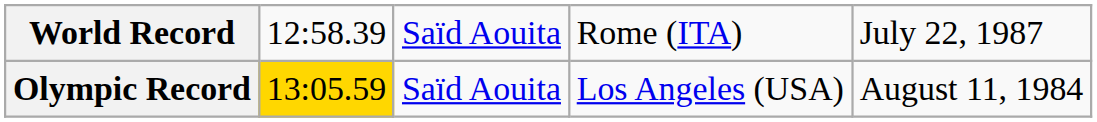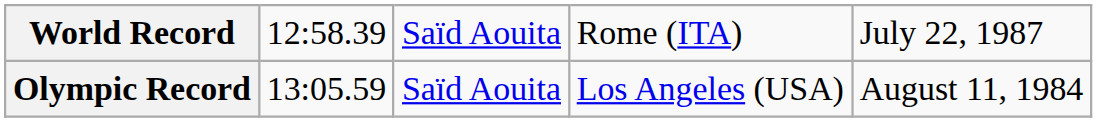 <table class="wikitable" style="font-size:95%;">
 <tr>
 <th>World Record</th>
 <td>12:58.39</td>
 <td> <a href='#'>Saïd Aouita</a></td>
 <td>Rome (<a href='#'>ITA</a>)</td>
 <td>July 22, 1987</td>
 </tr>
 <tr>
 <th>Olympic Record</th>
-<td style="background: gold;">13:05.59</td>
+<td>13:05.59</td>
 <td> <a href='#'>Saïd Aouita</a></td>
 <td><a href='#'>Los Angeles</a> (USA)</td>
 <td>August 11, 1984</td>
 </tr>
 </table>
